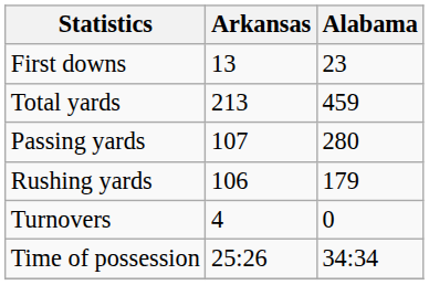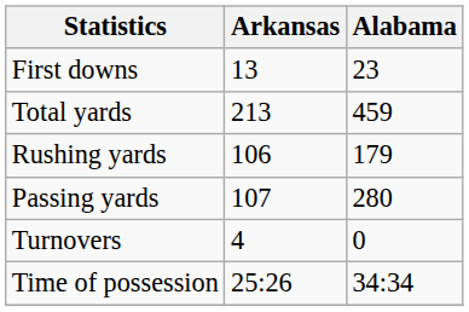 <table class="wikitable" style="float: left;">
 <tr>
 <th>Statistics</th>
 <th>Arkansas</th>
 <th>Alabama</th>
 </tr>
 <tr>
 <td>First downs</td>
 <td>13</td>
 <td>23</td>
 </tr>
 <tr>
 <td>Total yards</td>
 <td>213</td>
 <td>459</td>
 </tr>
 <tr>
+<td>Rushing yards</td>
+<td>106</td>
+<td>179</td>
+</tr>
+<tr>
 <td>Passing yards</td>
 <td>107</td>
 <td>280</td>
-</tr>
-<tr>
-<td>Rushing yards</td>
-<td>106</td>
-<td>179</td>
 </tr>
 <tr>
 <td>Turnovers</td>
 <td>4</td>
 <td>0</td>
 </tr>
 <tr>
 <td>Time of possession</td>
 <td>25:26</td>
 <td>34:34</td>
 </tr>
 <tr>
 </tr>
 </table>
